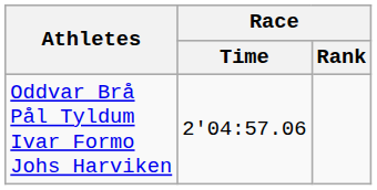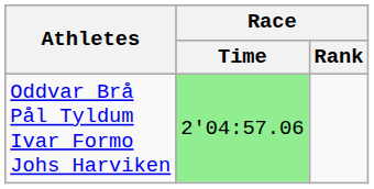 <table class="wikitable" border="1" style="font-size:90%">
 <tr>
 <th rowspan=2>Athletes</th>
 <th colspan=2>Race</th>
 </tr>
 <tr>
 <th>Time</th>
 <th>Rank</th>
 </tr>
 <tr>
 <td><a href='#'>Oddvar Brå</a><br><a href='#'>Pål Tyldum</a><br><a href='#'>Ivar Formo</a><br><a href='#'>Johs Harviken</a></td>
-<td align=center>2'04:57.06</td>
+<td align=center style="background: lightgreen;">2'04:57.06</td>
 <td align=center></td>
 </tr>
 </table>
